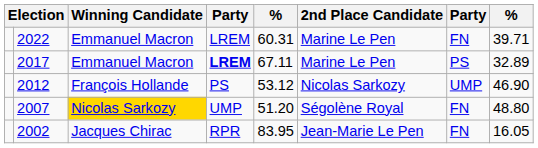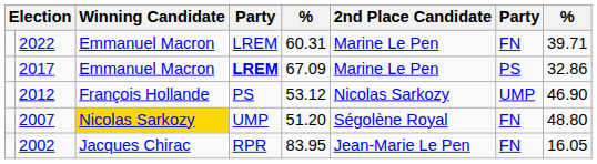 <table class="wikitable">
 <tr>
 <th colspan="2">Election</th>
 <th>Winning Candidate</th>
 <th>Party</th>
 <th>%</th>
 <th>2nd Place Candidate</th>
 <th>Party</th>
 <th>%</th>
 </tr>
 <tr>
 <td style="background-color: "></td>
 <td><a href='#'>2022</a></td>
 <td><a href='#'>Emmanuel Macron</a></td>
 <td><a href='#'>LREM</a></td>
 <td>60.31</td>
 <td><a href='#'>Marine Le Pen</a></td>
 <td><a href='#'>FN</a></td>
 <td>39.71</td>
 </tr>
 <tr>
 <td style="background-color: "></td>
 <td><a href='#'>2017</a></td>
 <td><a href='#'>Emmanuel Macron</a></td>
 <td><strong><a href='#'>LREM</a></strong></td>
-<td>67.11</td>
+<td>67.09</td>
 <td><a href='#'>Marine Le Pen</a></td>
 <td><a href='#'>PS</a></td>
-<td>32.89</td>
+<td>32.86</td>
 </tr>
 <tr>
 <td style="background-color: "></td>
 <td><a href='#'>2012</a></td>
 <td><a href='#'>François Hollande</a></td>
 <td><a href='#'>PS</a></td>
 <td>53.12</td>
 <td><a href='#'>Nicolas Sarkozy</a></td>
 <td><a href='#'>UMP</a></td>
 <td>46.90</td>
 </tr>
 <tr>
 <td style="background-color: "></td>
 <td><a href='#'>2007</a></td>
 <td style="background: gold;"><a href='#'>Nicolas Sarkozy</a></td>
 <td><a href='#'>UMP</a></td>
 <td>51.20</td>
 <td><a href='#'>Ségolène Royal</a></td>
 <td><a href='#'>FN</a></td>
 <td>48.80</td>
 </tr>
 <tr>
 <td style="background-color: "></td>
 <td><a href='#'>2002</a></td>
 <td><a href='#'>Jacques Chirac</a></td>
 <td><a href='#'>RPR</a></td>
 <td>83.95</td>
 <td><a href='#'>Jean-Marie Le Pen</a></td>
 <td><a href='#'>FN</a></td>
 <td>16.05</td>
 </tr>
 </table>
